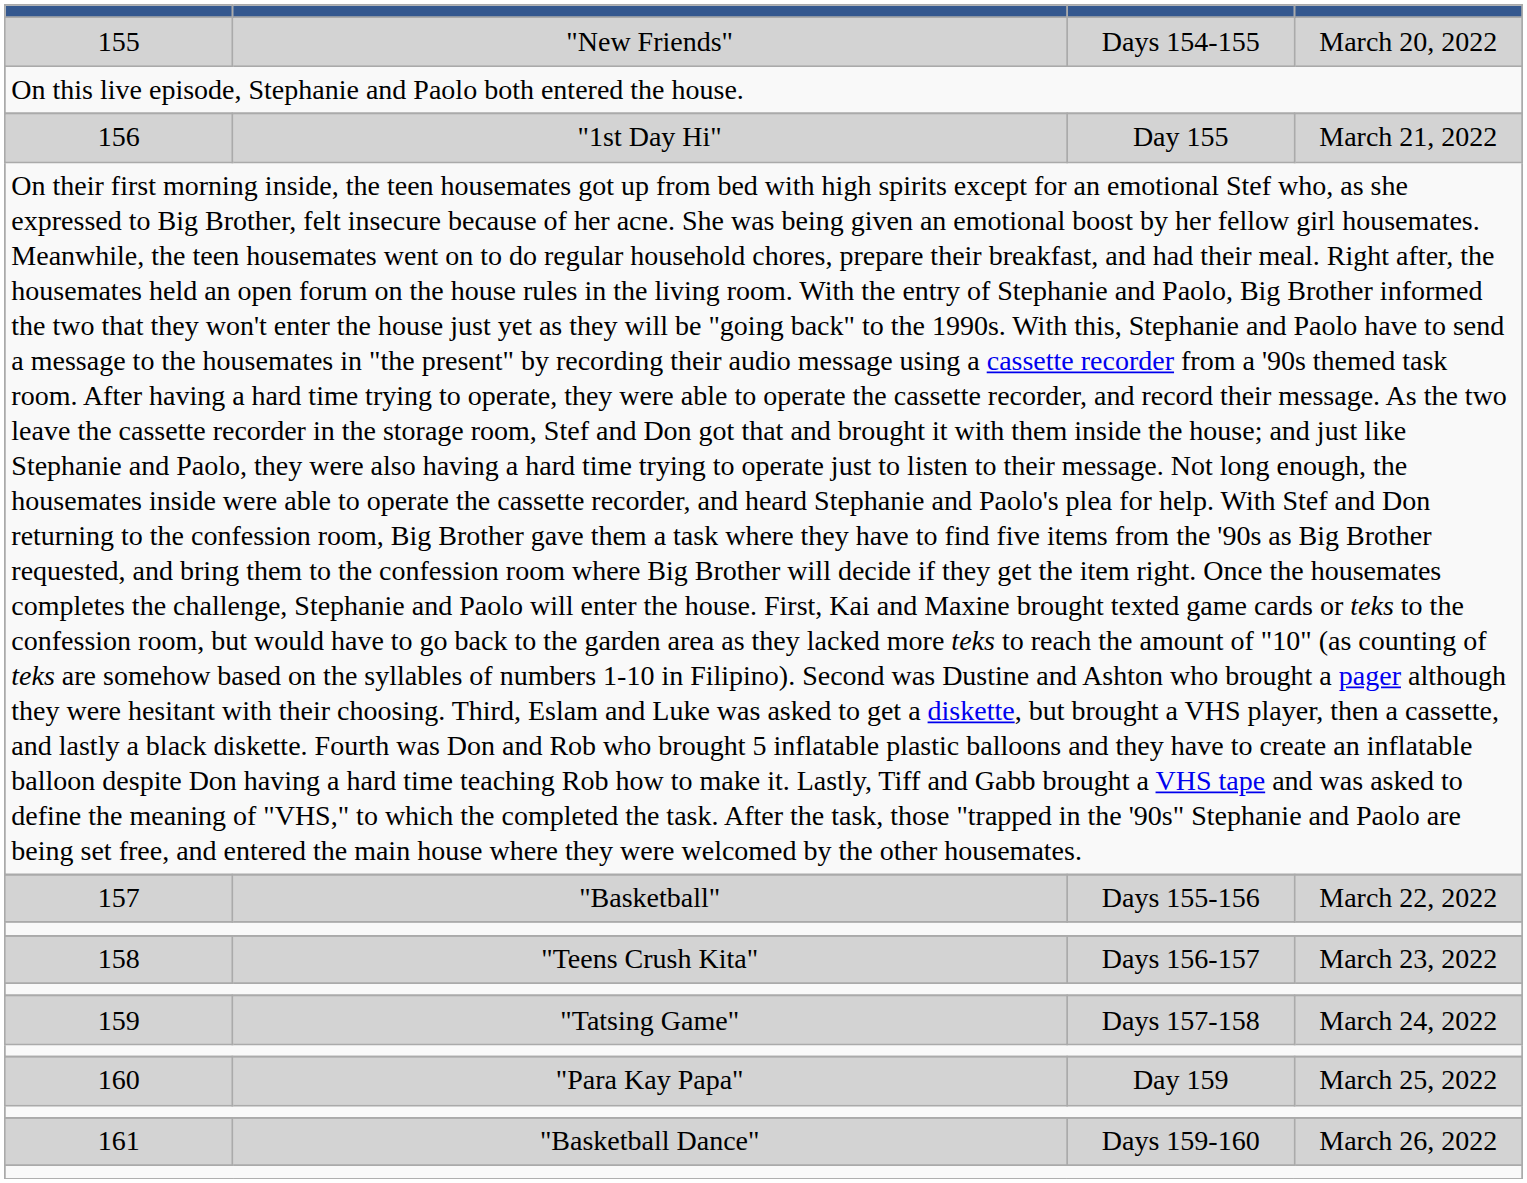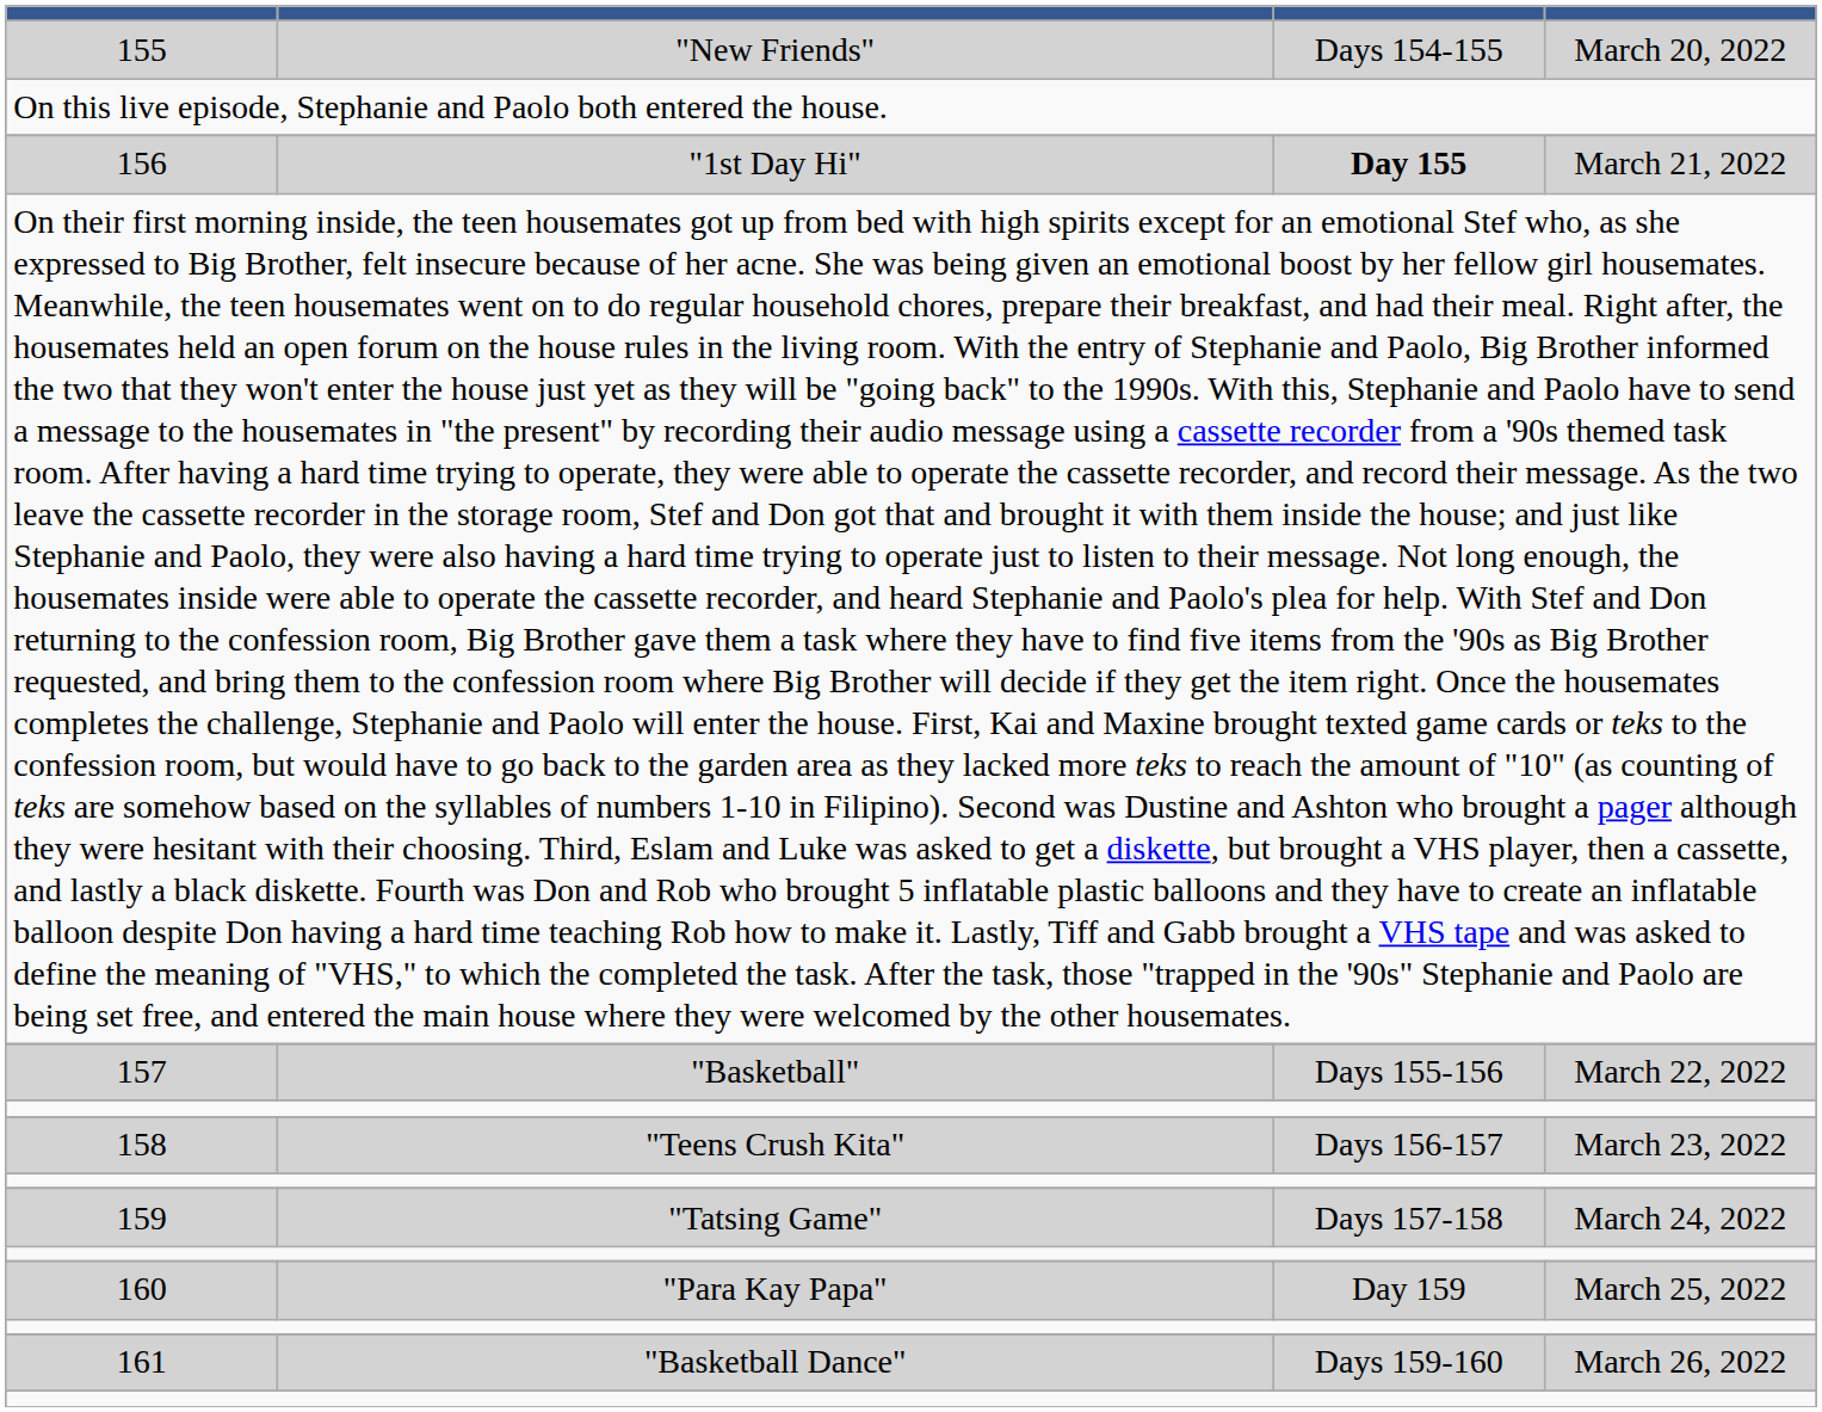 <table class="wikitable sortable" style="font-size:100%; line-height:20px; text-align:center">
 <tr>
 <th width="15%" style="background:#34588F"></th>
 <th width="55%" style="background:#34588F"></th>
 <th width="15%" style="background:#34588F"></th>
 <th width="15%" style="background:#34588F"></th>
 </tr>
 <tr style="background:lightgrey;">
 <td>155</td>
 <td>"New Friends"</td>
 <td>Days 154-155</td>
 <td>March 20, 2022</td>
 </tr>
 <tr>
 <td colspan="4" align="left">On this live episode, Stephanie and Paolo both entered the house.</td>
 </tr>
 <tr>
 </tr>
 <tr style="background:lightgrey;">
 <td>156</td>
 <td>"1st Day Hi"</td>
-<td>Day 155</td>
+<td><strong>Day 155</strong></td>
 <td>March 21, 2022</td>
 </tr>
 <tr>
 <td colspan="4" align="left">On their first morning inside, the teen housemates got up from bed with high spirits except for an emotional Stef who, as she expressed to Big Brother, felt insecure because of her acne. She was being given an emotional boost by her fellow girl housemates. Meanwhile, the teen housemates went on to do regular household chores, prepare their breakfast, and had their meal. Right after, the housemates held an open forum on the house rules in the living room. With the entry of Stephanie and Paolo, Big Brother informed the two that they won't enter the house just yet as they will be "going back" to the 1990s. With this, Stephanie and Paolo have to send a message to the housemates in "the present" by recording their audio message using a <a href='#'>cassette recorder</a> from a '90s themed task room. After having a hard time trying to operate, they were able to operate the cassette recorder, and record their message. As the two leave the cassette recorder in the storage room, Stef and Don got that and brought it with them inside the house; and just like Stephanie and Paolo, they were also having a hard time trying to operate just to listen to their message. Not long enough, the housemates inside were able to operate the cassette recorder, and heard Stephanie and Paolo's plea for help. With Stef and Don returning to the confession room, Big Brother gave them a task where they have to find five items from the '90s as Big Brother requested, and bring them to the confession room where Big Brother will decide if they get the item right. Once the housemates completes the challenge, Stephanie and Paolo will enter the house. First, Kai and Maxine brought texted game cards or <em>teks</em> to the confession room, but would have to go back to the garden area as they lacked more <em>teks</em> to reach the amount of "10" (as counting of <em>teks</em> are somehow based on the syllables of numbers 1-10 in Filipino). Second was Dustine and Ashton who brought a <a href='#'>pager</a> although they were hesitant with their choosing. Third, Eslam and Luke was asked to get a <a href='#'>diskette</a>, but brought a VHS player, then a cassette, and lastly a black diskette. Fourth was Don and Rob who brought 5 inflatable plastic balloons and they have to create an inflatable balloon despite Don having a hard time teaching Rob how to make it. Lastly, Tiff and Gabb brought a <a href='#'>VHS tape</a> and was asked to define the meaning of "VHS," to which the completed the task. After the task, those "trapped in the '90s" Stephanie and Paolo are being set free, and entered the main house where they were welcomed by the other housemates.</td>
 </tr>
 <tr>
 </tr>
 <tr style="background:lightgrey;">
 <td>157</td>
 <td>"Basketball"</td>
 <td>Days 155-156</td>
 <td>March 22, 2022</td>
 </tr>
 <tr>
 <td colspan="4" align="left"></td>
 </tr>
 <tr>
 </tr>
 <tr style="background:lightgrey;">
 <td>158</td>
 <td>"Teens Crush Kita"</td>
 <td>Days 156-157</td>
 <td>March 23, 2022</td>
 </tr>
 <tr>
 <td colspan="4" align="left"></td>
 </tr>
 <tr>
 </tr>
 <tr style="background:lightgrey;">
 <td>159</td>
 <td>"Tatsing Game"</td>
 <td>Days 157-158</td>
 <td>March 24, 2022</td>
 </tr>
 <tr>
 <td colspan="4" align="left"></td>
 </tr>
 <tr>
 </tr>
 <tr style="background:lightgrey;">
 <td>160</td>
 <td>"Para Kay Papa"</td>
 <td>Day 159</td>
 <td>March 25, 2022</td>
 </tr>
 <tr>
 <td colspan="4" align="left"></td>
 </tr>
 <tr>
 </tr>
 <tr style="background:lightgrey;">
 <td>161</td>
 <td>"Basketball Dance"</td>
 <td>Days 159-160</td>
 <td>March 26, 2022</td>
 </tr>
 <tr>
 <td colspan="4" align="left"></td>
 </tr>
 <tr>
 </tr>
 </table>
